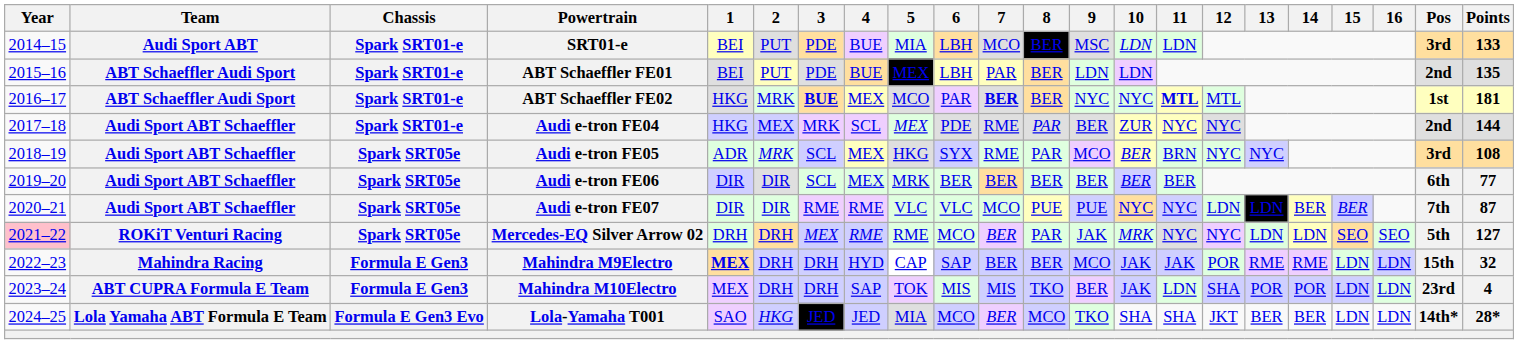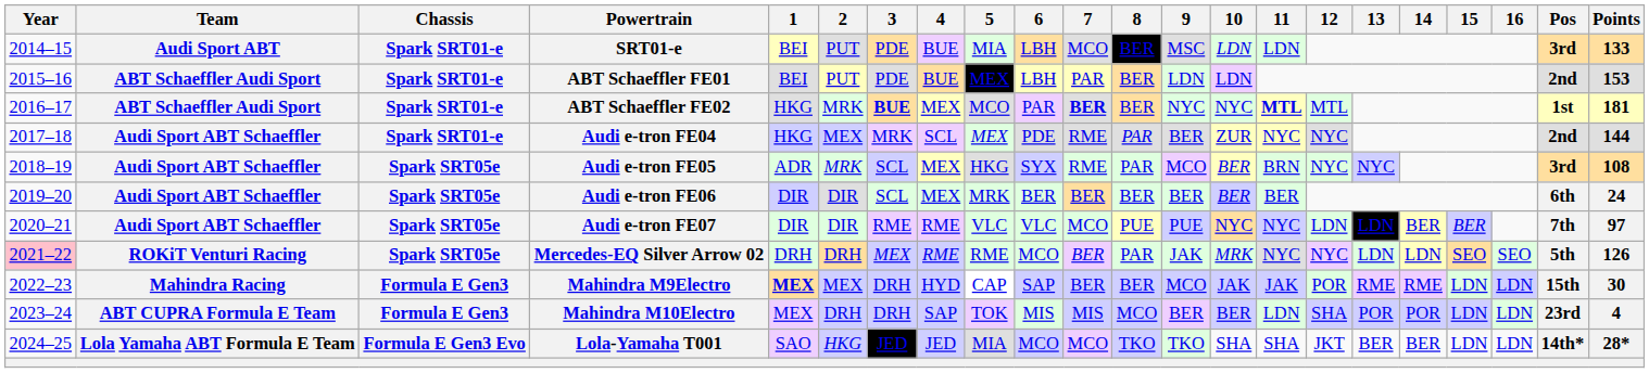 <table class="wikitable" style="text-align:center; font-size:85%">
 <tr>
 <th scope="col">Year</th>
 <th scope="col">Team</th>
 <th scope="col">Chassis</th>
 <th scope="col">Powertrain</th>
 <th scope="col">1</th>
 <th scope="col">2</th>
 <th scope="col">3</th>
 <th scope="col">4</th>
 <th scope="col">5</th>
 <th scope="col">6</th>
 <th scope="col">7</th>
 <th scope="col">8</th>
 <th scope="col">9</th>
 <th scope="col">10</th>
 <th scope="col">11</th>
 <th scope="col">12</th>
 <th scope="col">13</th>
 <th scope="col">14</th>
 <th scope="col">15</th>
 <th scope="col">16</th>
 <th scope="col">Pos</th>
 <th scope="col">Points</th>
 </tr>
 <tr>
 <td nowrap><a href='#'>2014–15</a></td>
 <th nowrap><a href='#'>Audi Sport ABT</a></th>
 <th nowrap><a href='#'>Spark</a> <a href='#'>SRT01-e</a></th>
 <th nowrap>SRT01-e</th>
 <td style="background:#FFFFBF;"><a href='#'>BEI</a><br></td>
 <td style="background:#DFDFDF;"><a href='#'>PUT</a><br></td>
 <td style="background:#FFDF9F;"><a href='#'>PDE</a><br></td>
 <td style="background:#EFCFFF;"><a href='#'>BUE</a><br></td>
 <td style="background:#DFFFDF;"><a href='#'>MIA</a><br></td>
 <td style="background:#FFDF9F;"><a href='#'>LBH</a><br></td>
 <td style="background:#DFDFDF;"><a href='#'>MCO</a><br></td>
 <td style="background:#000000; color:white"><a href='#'><span>BER</span></a><br></td>
 <td style="background:#DFDFDF;"><a href='#'>MSC</a><br></td>
 <td style="background:#DFFFDF;"><em><a href='#'>LDN</a></em><br></td>
 <td style="background:#DFFFDF;"><a href='#'>LDN</a><br></td>
 <td colspan=5></td>
 <th style="background:#FFDF9F;">3rd</th>
 <th style="background:#FFDF9F;">133</th>
 </tr>
 <tr>
 <td nowrap><a href='#'>2015–16</a></td>
 <th nowrap><a href='#'>ABT Schaeffler Audi Sport</a></th>
 <th nowrap><a href='#'>Spark</a> <a href='#'>SRT01-e</a></th>
 <th nowrap>ABT Schaeffler FE01</th>
 <td style="background:#DFDFDF;"><a href='#'>BEI</a><br></td>
 <td style="background:#FFFFBF;"><a href='#'>PUT</a><br></td>
 <td style="background:#DFDFDF;"><a href='#'>PDE</a><br></td>
 <td style="background:#FFDF9F;"><a href='#'>BUE</a><br></td>
 <td style="background:#000000; color:white"><a href='#'><span>MEX</span></a><br></td>
 <td style="background:#FFFFBF;"><a href='#'>LBH</a><br></td>
 <td style="background:#FFFFBF;"><a href='#'>PAR</a><br></td>
 <td style="background:#FFDF9F;"><a href='#'>BER</a><br></td>
 <td style="background:#DFFFDF;"><a href='#'>LDN</a><br></td>
 <td style="background:#EFCFFF;"><a href='#'>LDN</a><br></td>
 <td colspan=6></td>
 <th style="background:#DFDFDF;">2nd</th>
-<th style="background:#DFDFDF;">135</th>
+<th style="background:#DFDFDF;">153</th>
 </tr>
 <tr>
 <td nowrap><a href='#'>2016–17</a></td>
 <th nowrap><a href='#'>ABT Schaeffler Audi Sport</a></th>
 <th nowrap><a href='#'>Spark</a> <a href='#'>SRT01-e</a></th>
 <th nowrap>ABT Schaeffler FE02</th>
 <td style="background:#DFDFDF;"><a href='#'>HKG</a><br></td>
 <td style="background:#DFFFDF;"><a href='#'>MRK</a><br></td>
 <td style="background:#FFDF9F;"><strong><a href='#'>BUE</a></strong><br></td>
 <td style="background:#FFFFBF;"><a href='#'>MEX</a><br></td>
 <td style="background:#DFDFDF;"><a href='#'>MCO</a><br></td>
 <td style="background:#EFCFFF;"><a href='#'>PAR</a><br></td>
 <td style="background:#DFDFDF;"><strong><a href='#'>BER</a></strong><br></td>
 <td style="background:#FFDF9F;"><a href='#'>BER</a><br></td>
 <td style="background:#DFFFDF;"><a href='#'>NYC</a><br></td>
 <td style="background:#DFFFDF;"><a href='#'>NYC</a><br></td>
 <td style="background:#FFFFBF;"><strong><a href='#'>MTL</a></strong><br></td>
 <td style="background:#DFFFDF;"><a href='#'>MTL</a><br></td>
 <td colspan=4></td>
 <th style="background:#FFFFBF;">1st</th>
 <th style="background:#FFFFBF;">181</th>
 </tr>
 <tr>
 <td nowrap><a href='#'>2017–18</a></td>
 <th nowrap><a href='#'>Audi Sport ABT Schaeffler</a></th>
 <th nowrap><a href='#'>Spark</a> <a href='#'>SRT01-e</a></th>
 <th nowrap><a href='#'>Audi</a> e-tron FE04</th>
 <td style="background:#CFCFFF;"><a href='#'>HKG</a><br></td>
 <td style="background:#cfcfff;"><a href='#'>MEX</a><br></td>
 <td style="background:#EFCFFF;"><a href='#'>MRK</a><br></td>
 <td style="background:#EFCFFF;"><a href='#'>SCL</a><br></td>
 <td style="background:#DFFFDF;"><em><a href='#'>MEX</a></em><br></td>
 <td style="background:#DFDFDF;"><a href='#'>PDE</a><br></td>
 <td style="background:#DFDFDF;"><a href='#'>RME</a><br></td>
 <td style="background:#DFDFDF;"><em><a href='#'>PAR</a></em><br></td>
 <td style="background:#DFDFDF;"><a href='#'>BER</a><br></td>
 <td style="background:#FFFFBF;"><a href='#'>ZUR</a><br></td>
 <td style="background:#FFFFBF;"><a href='#'>NYC</a><br></td>
 <td style="background:#DFDFDF;"><a href='#'>NYC</a><br> </td>
 <td colspan=4></td>
 <th style="background:#DFDFDF;">2nd</th>
 <th style="background:#DFDFDF;">144</th>
 </tr>
 <tr>
 <td nowrap><a href='#'>2018–19</a></td>
 <th nowrap><a href='#'>Audi Sport ABT Schaeffler</a></th>
 <th nowrap><a href='#'>Spark</a> <a href='#'>SRT05e</a></th>
 <th nowrap><a href='#'>Audi</a> e-tron FE05</th>
 <td style="background:#DFFFDF;"><a href='#'>ADR</a><br></td>
 <td style="background:#DFFFDF;"><em><a href='#'>MRK</a></em><br></td>
 <td style="background:#CFCFFF;"><a href='#'>SCL</a><br></td>
 <td style="background:#FFFFBF;"><a href='#'>MEX</a><br></td>
 <td style="background:#DFDFDF;"><a href='#'>HKG</a><br></td>
 <td style="background:#CFCFFF;"><a href='#'>SYX</a><br></td>
 <td style="background:#DFFFDF;"><a href='#'>RME</a><br></td>
 <td style="background:#DFFFDF;"><a href='#'>PAR</a><br></td>
 <td style="background:#EFCFFF;"><a href='#'>MCO</a><br></td>
 <td style="background:#FFFFBF;"><em><a href='#'>BER</a></em><br></td>
 <td style="background:#DFFFDF;"><a href='#'>BRN</a><br></td>
 <td style="background:#DFFFDF;"><a href='#'>NYC</a><br></td>
 <td style="background:#CFCFFF;"><a href='#'>NYC</a><br></td>
 <td colspan=3></td>
 <th style="background:#FFDF9F;">3rd</th>
 <th style="background:#FFDF9F;">108</th>
 </tr>
 <tr>
 <td nowrap><a href='#'>2019–20</a></td>
 <th nowrap><a href='#'>Audi Sport ABT Schaeffler</a></th>
 <th nowrap><a href='#'>Spark</a> <a href='#'>SRT05e</a></th>
 <th nowrap><a href='#'>Audi</a> e-tron FE06</th>
 <td style="background:#CFCFFF;"><a href='#'>DIR</a><br></td>
 <td style="background:#DFDFDF;"><a href='#'>DIR</a><br></td>
 <td style="background:#DFFFDF;"><a href='#'>SCL</a><br></td>
 <td style="background:#DFFFDF;"><a href='#'>MEX</a><br></td>
 <td style="background:#DFFFDF;"><a href='#'>MRK</a><br></td>
 <td style="background:#DFFFDF;"><a href='#'>BER</a><br></td>
 <td style="background:#FFDF9F;"><a href='#'>BER</a><br></td>
 <td style="background:#DFFFDF;"><a href='#'>BER</a><br></td>
 <td style="background:#DFFFDF;"><a href='#'>BER</a><br></td>
 <td style="background:#CFCFFF;"><em><a href='#'>BER</a></em><br></td>
 <td style="background:#DFFFDF;"><a href='#'>BER</a><br></td>
 <td colspan=5></td>
 <th>6th</th>
-<th>77</th>
+<th>24</th>
 </tr>
 <tr>
 <td nowrap><a href='#'>2020–21</a></td>
 <th nowrap><a href='#'>Audi Sport ABT Schaeffler</a></th>
 <th nowrap><a href='#'>Spark</a> <a href='#'>SRT05e</a></th>
 <th nowrap><a href='#'>Audi</a> e-tron FE07</th>
 <td style="background:#DFFFDF;"><a href='#'>DIR</a><br></td>
 <td style="background:#DFFFDF;"><a href='#'>DIR</a><br></td>
 <td style="background:#EFCFFF;"><a href='#'>RME</a><br></td>
 <td style="background:#EFCFFF;"><a href='#'>RME</a><br></td>
 <td style="background:#DFFFDF;"><a href='#'>VLC</a><br></td>
 <td style="background:#DFFFDF;"><a href='#'>VLC</a><br></td>
 <td style="background:#DFFFDF;"><a href='#'>MCO</a><br></td>
 <td style="background:#FFFFBF;"><a href='#'>PUE</a><br></td>
 <td style="background:#CFCFFF;"><a href='#'>PUE</a><br></td>
 <td style="background:#FFDF9F;"><a href='#'>NYC</a><br></td>
 <td style="background:#CFCFFF;"><a href='#'>NYC</a><br></td>
 <td style="background:#DFFFDF;"><a href='#'>LDN</a><br></td>
 <td style="background:#000000; color:white"><a href='#'><span>LDN</span></a><br></td>
 <td style="background:#FFFFBF;"><a href='#'>BER</a><br></td>
 <td style="background:#CFCFFF;"><em><a href='#'>BER</a></em><br></td>
 <td></td>
 <th>7th</th>
-<th>87</th>
+<th>97</th>
 </tr>
 <tr>
 <td nowrap style="background: pink;"><a href='#'>2021–22</a></td>
 <th nowrap><a href='#'>ROKiT Venturi Racing</a></th>
 <th nowrap><a href='#'>Spark</a> <a href='#'>SRT05e</a></th>
 <th nowrap><a href='#'>Mercedes-EQ</a> Silver Arrow 02</th>
 <td style="background:#DFFFDF;"><a href='#'>DRH</a><br></td>
 <td style="background:#FFDF9F;"><a href='#'>DRH</a><br></td>
 <td style="background:#CFCFFF;"><em><a href='#'>MEX</a></em><br></td>
 <td style="background:#CFCFFF;"><em><a href='#'>RME</a></em><br></td>
 <td style="background:#DFFFDF;"><a href='#'>RME</a><br></td>
 <td style="background:#DFFFDF;"><a href='#'>MCO</a><br></td>
 <td style="background:#EFCFFF;"><em><a href='#'>BER</a></em><br></td>
 <td style="background:#DFFFDF;"><a href='#'>PAR</a><br></td>
 <td style="background:#DFFFDF;"><a href='#'>JAK</a><br></td>
 <td style="background:#DFFFDF;"><em><a href='#'>MRK</a></em><br></td>
 <td style="background:#DFDFDF;"><a href='#'>NYC</a><br></td>
 <td style="background:#EFCFFF;"><a href='#'>NYC</a><br></td>
 <td style="background:#DFFFDF;"><a href='#'>LDN</a><br></td>
 <td style="background:#FFFFBF;"><a href='#'>LDN</a><br></td>
 <td style="background:#FFDF9F;"><a href='#'>SEO</a><br></td>
 <td style="background:#DFFFDF;"><a href='#'>SEO</a><br></td>
 <th>5th</th>
-<th>127</th>
+<th>126</th>
 </tr>
 <tr>
 <td nowrap><a href='#'>2022–23</a></td>
 <th nowrap><a href='#'>Mahindra Racing</a></th>
 <th nowrap><a href='#'>Formula E Gen3</a></th>
 <th nowrap><a href='#'>Mahindra M9Electro</a></th>
 <td style="background:#FFDF9F;"><strong><a href='#'>MEX</a></strong><br></td>
-<td style="background:#CFCFFF;"><a href='#'>DRH</a><br></td>
+<td style="background:#cfcfff;"><a href='#'>MEX</a><br></td>
 <td style="background:#CFCFFF;"><a href='#'>DRH</a><br></td>
 <td style="background:#CFCFFF;"><a href='#'>HYD</a><br></td>
 <td style="background:#FFFFFF;"><a href='#'>CAP</a><br></td>
 <td style="background:#cfcfff;"><a href='#'>SAP</a><br></td>
 <td style="background:#cfcfff;"><a href='#'>BER</a><br></td>
 <td style="background:#cfcfff;"><a href='#'>BER</a><br></td>
 <td style="background:#cfcfff;"><a href='#'>MCO</a><br></td>
 <td style="background:#cfcfff;"><a href='#'>JAK</a><br></td>
 <td style="background:#cfcfff;"><a href='#'>JAK</a><br></td>
 <td style="background:#dfffdf;"><a href='#'>POR</a><br></td>
 <td style="background:#efcfff;"><a href='#'>RME</a><br></td>
 <td style="background:#efcfff;"><a href='#'>RME</a><br></td>
 <td style="background:#dfffdf;"><a href='#'>LDN</a><br></td>
 <td style="background:#CFCFFF;"><a href='#'>LDN</a><br></td>
 <th>15th</th>
-<th>32</th>
+<th>30</th>
 </tr>
 <tr>
 <td nowrap><a href='#'>2023–24</a></td>
 <th nowrap><a href='#'>ABT CUPRA Formula E Team</a></th>
 <th nowrap><a href='#'>Formula E Gen3</a></th>
 <th nowrap><a href='#'>Mahindra M10Electro</a></th>
 <td style="background:#efcfff;"><a href='#'>MEX</a><br></td>
 <td style="background:#cfcfff;"><a href='#'>DRH</a><br></td>
 <td style="background:#cfcfff;"><a href='#'>DRH</a><br></td>
 <td style="background:#cfcfff;"><a href='#'>SAP</a><br></td>
 <td style="background:#efcfff;"><a href='#'>TOK</a><br></td>
 <td style="background:#dfffdf;"><a href='#'>MIS</a><br></td>
 <td style="background:#cfcfff;"><a href='#'>MIS</a><br></td>
-<td style="background:#cfcfff;"><a href='#'>TKO</a><br></td>
+<td style="background:#cfcfff;"><a href='#'>MCO</a><br></td>
 <td style="background:#efcfff;"><a href='#'>BER</a><br></td>
-<td style="background:#cfcfff;"><a href='#'>JAK</a><br></td>
+<td style="background:#cfcfff;"><a href='#'>BER</a><br></td>
 <td style="background:#DFFFDF;"><a href='#'>LDN</a><br></td>
 <td style="background:#cfcfff;"><a href='#'>SHA</a><br></td>
 <td style="background:#cfcfff;"><a href='#'>POR</a><br></td>
 <td style="background:#cfcfff;"><a href='#'>POR</a><br></td>
 <td style="background:#cfcfff;"><a href='#'>LDN</a><br></td>
 <td style="background:#dfffdf;"><a href='#'>LDN</a><br></td>
 <th>23rd</th>
 <th>4</th>
 </tr>
 <tr>
 <td nowrap><a href='#'>2024–25</a></td>
 <th nowrap><a href='#'>Lola</a> <a href='#'>Yamaha</a> <a href='#'>ABT</a> Formula E Team</th>
 <th nowrap><a href='#'>Formula E Gen3 Evo</a></th>
 <th nowrap><a href='#'>Lola</a>-<a href='#'>Yamaha</a> T001</th>
 <td style="background:#EFCFFF;"><a href='#'>SAO</a><br></td>
 <td style="background:#CFCFFF;"><em><a href='#'>HKG</a></em><br></td>
 <td style="background:black; color:white;"><a href='#'><span>JED</span></a><br></td>
 <td style="background:#cfcfff;"><a href='#'>JED</a><br></td>
 <td style="background:#dfdfdf;"><a href='#'>MIA</a><br></td>
 <td style="background:#cfcfff;"><a href='#'>MCO</a><br></td>
-<td style="background:#EFCFFF;"><em><a href='#'>BER</a></em><br></td>
-<td style="background:#cfcfff;"><a href='#'>MCO</a><br></td>
+<td style="background:#efcfff;"><a href='#'>MCO</a><br></td>
+<td style="background:#cfcfff;"><a href='#'>TKO</a><br></td>
 <td style="background:#dfffdf;"><a href='#'>TKO</a><br></td>
 <td><a href='#'>SHA</a></td>
 <td><a href='#'>SHA</a></td>
 <td><a href='#'>JKT</a></td>
 <td><a href='#'>BER</a></td>
 <td><a href='#'>BER</a></td>
 <td><a href='#'>LDN</a></td>
 <td><a href='#'>LDN</a></td>
 <th>14th*</th>
 <th>28*</th>
 </tr>
 <tr>
 <th colspan="22"></th>
 </tr>
 </table>
